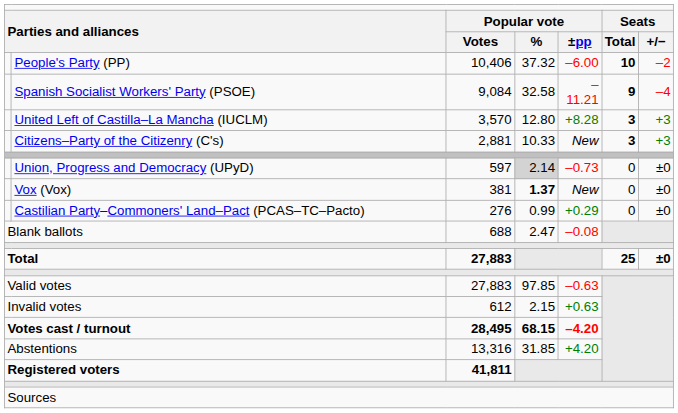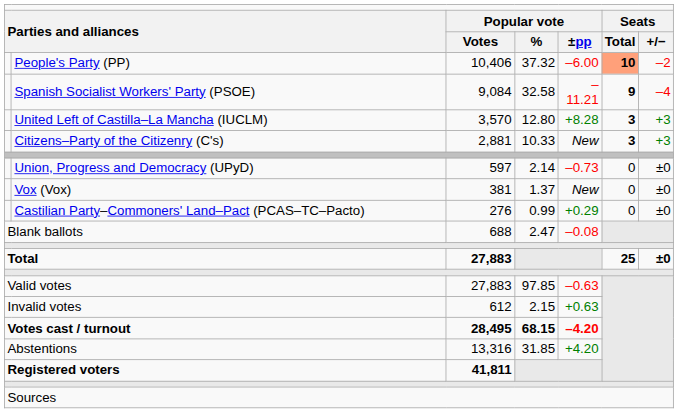 <table class="wikitable" style="text-align:right;">
 <tr>
 <td colspan="7"></td>
 </tr>
 <tr>
 <th style="text-align:left;" rowspan="2" colspan="2" width="525">Parties and alliances</th>
 <th colspan="3">Popular vote</th>
 <th colspan="2">Seats</th>
 </tr>
 <tr>
 <th width="75">Votes</th>
 <th width="45">%</th>
 <th width="45">±<a href='#'>pp</a></th>
 <th width="35">Total</th>
 <th width="35">+/−</th>
 </tr>
 <tr>
 <td width="1" style="color:inherit;background:"></td>
 <td align="left"><a href='#'>People's Party</a> (PP)</td>
 <td>10,406</td>
 <td>37.32</td>
 <td style="color:red;">–6.00</td>
-<td><strong>10</strong></td>
+<td style="background: lightsalmon;"><strong>10</strong></td>
 <td style="color:red;">–2</td>
 </tr>
 <tr>
 <td style="color:inherit;background:"></td>
 <td align="left"><a href='#'>Spanish Socialist Workers' Party</a> (PSOE)</td>
 <td>9,084</td>
 <td>32.58</td>
 <td style="color:red;">–11.21</td>
 <td><strong>9</strong></td>
 <td style="color:red;">–4</td>
 </tr>
 <tr>
 <td style="color:inherit;background:"></td>
 <td align="left"><a href='#'>United Left of Castilla–La Mancha</a> (IUCLM)</td>
 <td>3,570</td>
 <td>12.80</td>
 <td style="color:green;">+8.28</td>
 <td><strong>3</strong></td>
 <td style="color:green;">+3</td>
 </tr>
 <tr>
 <td style="color:inherit;background:"></td>
 <td align="left"><a href='#'>Citizens–Party of the Citizenry</a> (C's)</td>
 <td>2,881</td>
 <td>10.33</td>
 <td><em>New</em></td>
 <td><strong>3</strong></td>
 <td style="color:green;">+3</td>
 </tr>
 <tr>
 <td colspan="7" bgcolor="#C0C0C0"></td>
 </tr>
 <tr>
 <td style="color:inherit;background:"></td>
 <td align="left"><a href='#'>Union, Progress and Democracy</a> (UPyD)</td>
 <td>597</td>
-<td style="background: lightgrey;">2.14</td>
+<td>2.14</td>
 <td style="color:red;">–0.73</td>
 <td>0</td>
 <td>±0</td>
 </tr>
 <tr>
 <td style="color:inherit;background:"></td>
 <td align="left"><a href='#'>Vox</a> (Vox)</td>
 <td>381</td>
-<td><strong>1.37</strong></td>
+<td>1.37</td>
 <td><em>New</em></td>
 <td>0</td>
 <td>±0</td>
 </tr>
 <tr>
 <td style="color:inherit;background:"></td>
 <td align="left"><a href='#'>Castilian Party</a>–<a href='#'>Commoners' Land–Pact</a> (PCAS–TC–Pacto)</td>
 <td>276</td>
 <td>0.99</td>
 <td style="color:green;">+0.29</td>
 <td>0</td>
 <td>±0</td>
 </tr>
 <tr>
 <td align="left" colspan="2">Blank ballots</td>
 <td>688</td>
 <td>2.47</td>
 <td style="color:red;">–0.08</td>
 <td bgcolor="#E9E9E9" colspan="2"></td>
 </tr>
 <tr>
 <td colspan="7" bgcolor="#E9E9E9"></td>
 </tr>
 <tr style="font-weight:bold;">
 <td align="left" colspan="2">Total</td>
 <td>27,883</td>
 <td bgcolor="#E9E9E9" colspan="2"></td>
 <td>25</td>
 <td>±0</td>
 </tr>
 <tr>
 <td colspan="7" bgcolor="#E9E9E9"></td>
 </tr>
 <tr>
 <td align="left" colspan="2">Valid votes</td>
 <td>27,883</td>
 <td>97.85</td>
 <td style="color:red;">–0.63</td>
 <td bgcolor="#E9E9E9" colspan="2" rowspan="5"></td>
 </tr>
 <tr>
 <td align="left" colspan="2">Invalid votes</td>
 <td>612</td>
 <td>2.15</td>
 <td style="color:green;">+0.63</td>
 </tr>
 <tr style="font-weight:bold;">
 <td align="left" colspan="2">Votes cast / turnout</td>
 <td>28,495</td>
 <td>68.15</td>
 <td style="color:red;">–4.20</td>
 </tr>
 <tr>
 <td align="left" colspan="2">Abstentions</td>
 <td>13,316</td>
 <td>31.85</td>
 <td style="color:green;">+4.20</td>
 </tr>
 <tr style="font-weight:bold;">
 <td align="left" colspan="2">Registered voters</td>
 <td>41,811</td>
 <td bgcolor="#E9E9E9" colspan="2"></td>
 </tr>
 <tr>
 <td colspan="7" bgcolor="#E9E9E9"></td>
 </tr>
 <tr>
 <td align="left" colspan="7">Sources</td>
 </tr>
 </table>
